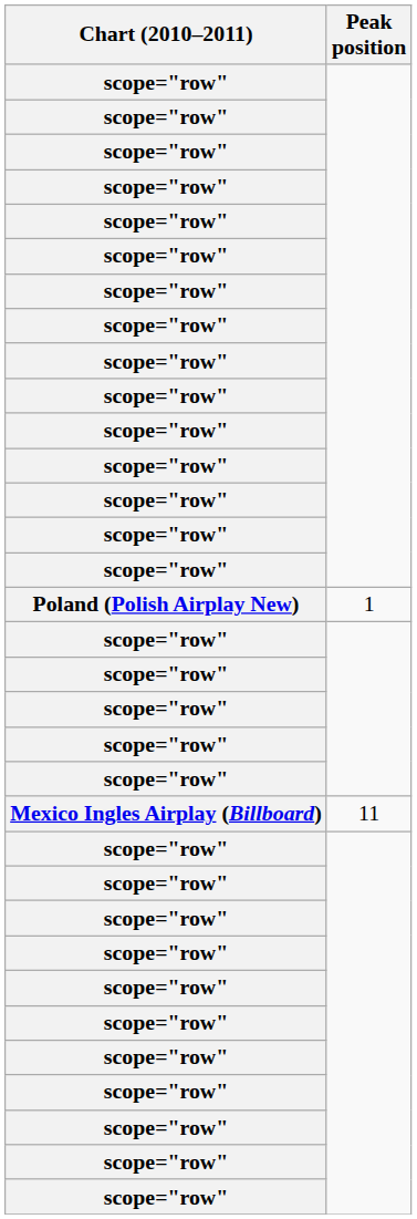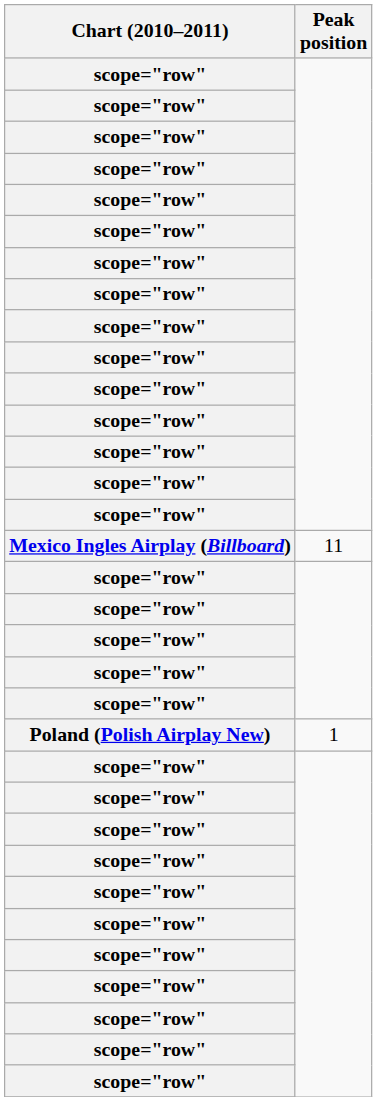 <table class="wikitable sortable plainrowheaders">
 <tr>
 <th scope="col">Chart (2010–2011)</th>
 <th scope="col">Peak<br>position</th>
 </tr>
 <tr>
 <th>scope="row"</th>
 </tr>
 <tr>
 <th>scope="row"</th>
 </tr>
 <tr>
 <th>scope="row"</th>
 </tr>
 <tr>
 <th>scope="row"</th>
 </tr>
 <tr>
 <th>scope="row"</th>
 </tr>
 <tr>
 <th>scope="row"</th>
 </tr>
 <tr>
 <th>scope="row"</th>
 </tr>
 <tr>
 <th>scope="row"</th>
 </tr>
 <tr>
 <th>scope="row"</th>
 </tr>
 <tr>
 <th>scope="row"</th>
 </tr>
 <tr>
 <th>scope="row"</th>
 </tr>
 <tr>
 <th>scope="row"</th>
 </tr>
 <tr>
 <th>scope="row"</th>
 </tr>
 <tr>
 <th>scope="row"</th>
 </tr>
 <tr>
 <th>scope="row"</th>
 </tr>
 <tr>
-<th scope="row">Poland (<a href='#'>Polish Airplay New</a>)</th>
-<td align="center">1</td>
+<th scope="row"><a href='#'>Mexico Ingles Airplay</a> (<em><a href='#'>Billboard</a></em>)</th>
+<td align="center">11</td>
 </tr>
 <tr>
 <th>scope="row"</th>
 </tr>
 <tr>
 <th>scope="row"</th>
 </tr>
 <tr>
 <th>scope="row"</th>
 </tr>
 <tr>
 <th>scope="row"</th>
 </tr>
 <tr>
 <th>scope="row"</th>
 </tr>
 <tr>
-<th scope="row"><a href='#'>Mexico Ingles Airplay</a> (<em><a href='#'>Billboard</a></em>)</th>
-<td align="center">11</td>
+<th scope="row">Poland (<a href='#'>Polish Airplay New</a>)</th>
+<td align="center">1</td>
 </tr>
 <tr>
 <th>scope="row"</th>
 </tr>
 <tr>
 <th>scope="row"</th>
 </tr>
 <tr>
 <th>scope="row"</th>
 </tr>
 <tr>
 <th>scope="row"</th>
 </tr>
 <tr>
 <th>scope="row"</th>
 </tr>
 <tr>
 <th>scope="row"</th>
 </tr>
 <tr>
 <th>scope="row"</th>
 </tr>
 <tr>
 <th>scope="row"</th>
 </tr>
 <tr>
 <th>scope="row"</th>
 </tr>
 <tr>
 <th>scope="row"</th>
 </tr>
 <tr>
 <th>scope="row"</th>
 </tr>
 <tr>
 </tr>
 </table>
